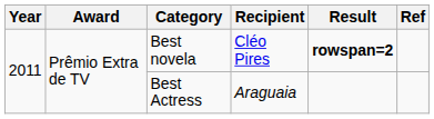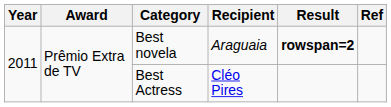 <table class="wikitable sortable" width=440px>
 <tr>
 <th>Year</th>
 <th>Award</th>
 <th>Category</th>
 <th>Recipient</th>
 <th>Result</th>
 <th>Ref</th>
 </tr>
 <tr>
 <td rowspan="2">2011</td>
 <td rowspan="2">Prêmio Extra de TV</td>
 <td>Best novela</td>
-<td><a href='#'>Cléo Pires</a></td>
+<td><em>Araguaia</em></td>
 <td><strong>rowspan=2 </strong></td>
 <td></td>
 </tr>
 <tr>
 <td>Best Actress</td>
-<td><em>Araguaia</em></td>
+<td><a href='#'>Cléo Pires</a></td>
 <td></td>
 </tr>
 </table>
